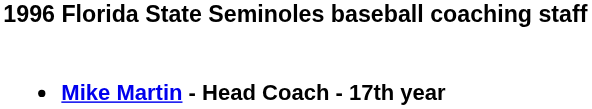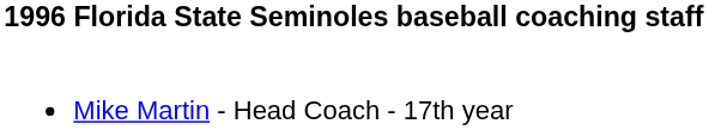 <table class="toccolours">
 <tr>
 <th colspan=9>1996 Florida State Seminoles baseball coaching staff</th>
 </tr>
 <tr>
-<td style="text-align: left; font-size: 95%;" valign="top"><strong><br><ul><li><a href='#'>Mike Martin</a> - Head Coach - 17th year</li></ul></strong></td>
+<td style="text-align: left; font-size: 95%;" valign="top"><br><ul><li><a href='#'>Mike Martin</a> - Head Coach - 17th year</li></ul></td>
 </tr>
 </table>
